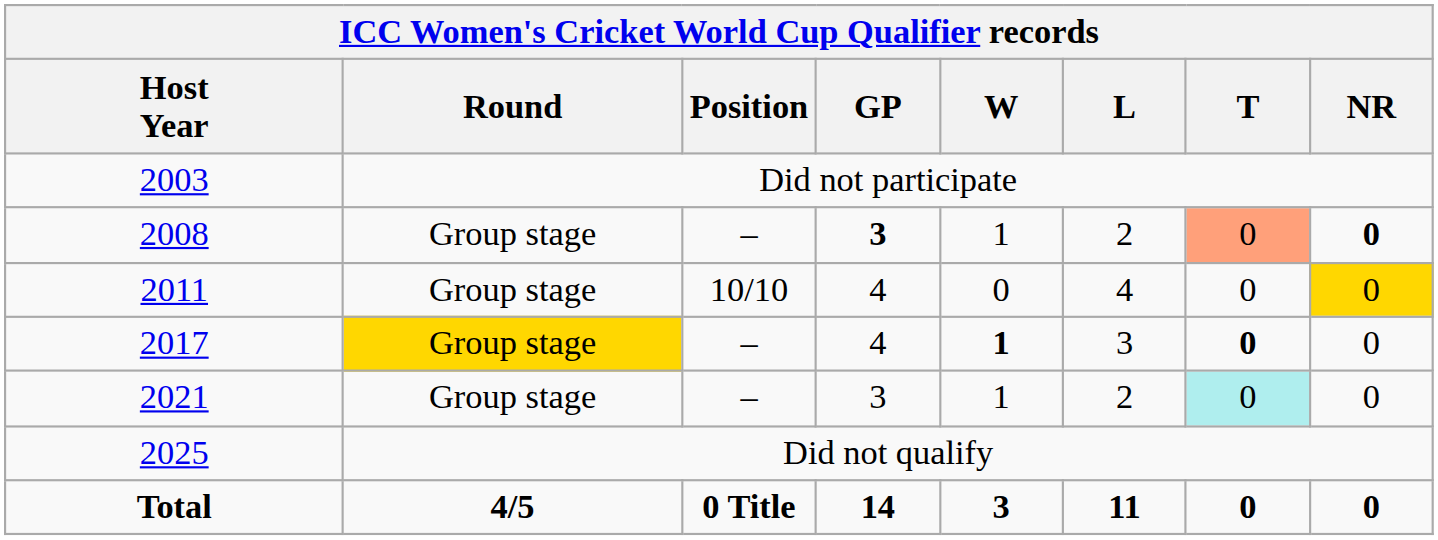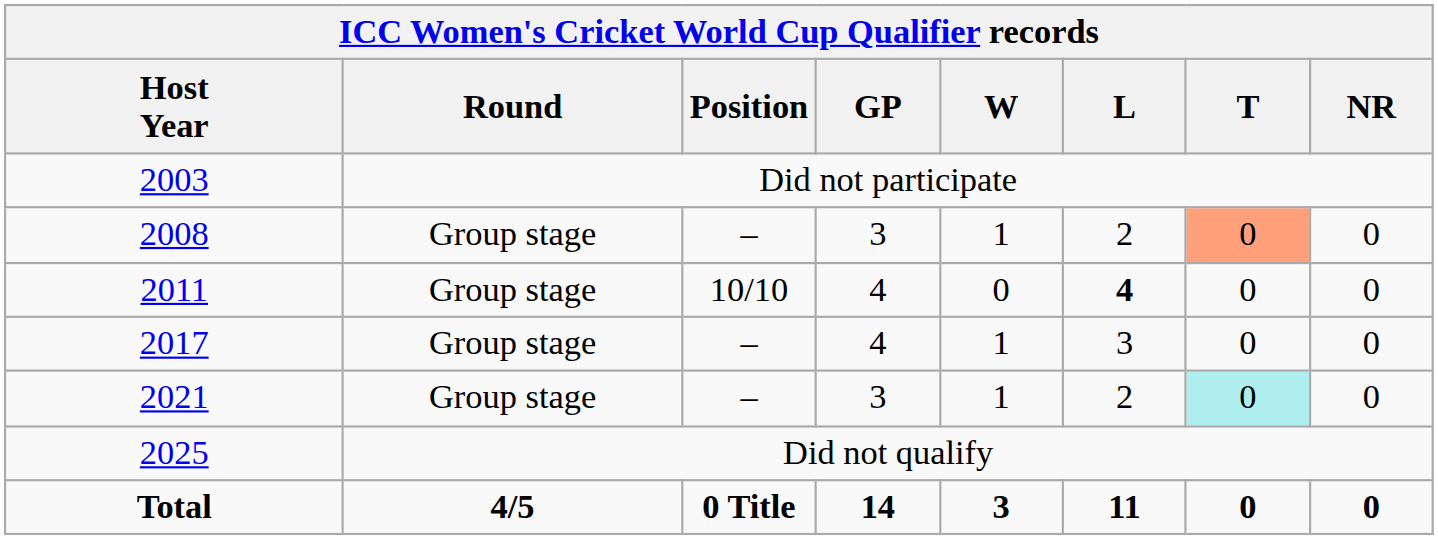 <table class="wikitable" style="text-align: center; width=900px;">
 <tr>
 <th colspan=9><a href='#'>ICC Women's Cricket World Cup Qualifier</a> records</th>
 </tr>
 <tr>
 <th width=150>Host<br>Year</th>
 <th width=150>Round</th>
 <th width=50>Position</th>
 <th width=50>GP</th>
 <th width=50>W</th>
 <th width=50>L</th>
 <th width=50>T</th>
 <th width=50>NR</th>
 </tr>
 <tr>
 <td> <a href='#'>2003</a></td>
 <td colspan=8 rowspan=1>Did not participate</td>
 </tr>
 <tr>
 <td> <a href='#'>2008</a></td>
 <td>Group stage</td>
 <td>–</td>
-<td><strong>3</strong></td>
+<td>3</td>
 <td>1</td>
 <td>2</td>
 <td style="background: lightsalmon;">0</td>
-<td><strong>0</strong></td>
+<td>0</td>
 </tr>
 <tr>
 <td> <a href='#'>2011</a></td>
 <td>Group stage</td>
 <td>10/10</td>
 <td>4</td>
 <td>0</td>
-<td>4</td>
+<td><strong>4</strong></td>
 <td>0</td>
-<td style="background: gold;">0</td>
+<td>0</td>
 </tr>
 <tr>
 <td> <a href='#'>2017</a></td>
-<td style="background: gold;">Group stage</td>
+<td>Group stage</td>
 <td>–</td>
 <td>4</td>
-<td><strong>1</strong></td>
+<td>1</td>
 <td>3</td>
-<td><strong>0</strong></td>
+<td>0</td>
 <td>0</td>
 </tr>
 <tr>
 <td> <a href='#'>2021</a></td>
 <td>Group stage</td>
 <td>–</td>
 <td>3</td>
 <td>1</td>
 <td>2</td>
 <td style="background: paleturquoise;">0</td>
 <td>0</td>
 </tr>
 <tr>
 <td> <a href='#'>2025</a></td>
 <td colspan=8>Did not qualify</td>
 </tr>
 <tr>
 <td><strong>Total</strong></td>
 <td><strong>4/5</strong></td>
 <td><strong>0 Title</strong></td>
 <td><strong>14</strong></td>
 <td><strong>3</strong></td>
 <td><strong>11</strong></td>
 <td><strong>0</strong></td>
 <td><strong>0</strong></td>
 </tr>
 </table>
